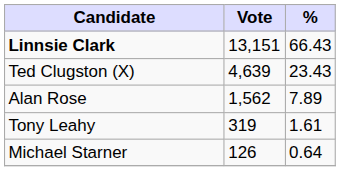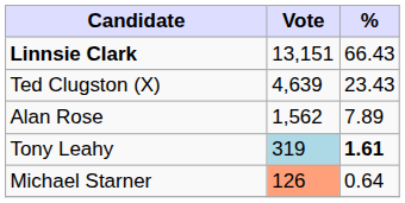 <table class="wikitable">
 <tr>
 <th style="background:#ddf; width:200px;">Candidate</th>
 <th style="background:#ddf; width:50px;">Vote</th>
 <th style="background:#ddf; width:30px;">%</th>
 </tr>
 <tr>
 <td><strong>Linnsie Clark</strong></td>
 <td>13,151</td>
 <td>66.43</td>
 </tr>
 <tr>
 <td>Ted Clugston (X)</td>
 <td>4,639</td>
 <td>23.43</td>
 </tr>
 <tr>
 <td>Alan Rose</td>
 <td>1,562</td>
 <td>7.89</td>
 </tr>
 <tr>
 <td>Tony Leahy</td>
-<td>319</td>
-<td>1.61</td>
+<td style="background: lightblue;">319</td>
+<td><strong>1.61</strong></td>
 </tr>
 <tr>
 <td>Michael Starner</td>
-<td>126</td>
+<td style="background: lightsalmon;">126</td>
 <td>0.64</td>
 </tr>
 <tr>
 </tr>
 </table>
